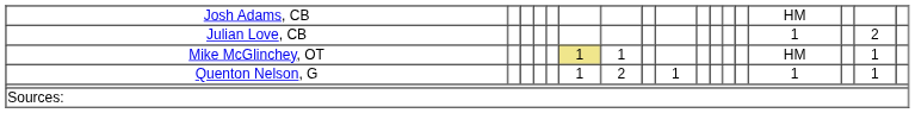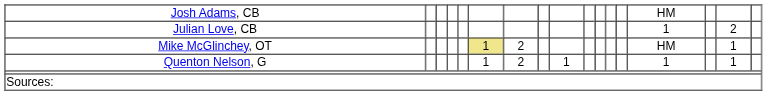 <table cellpadding="1" border="1" cellspacing="0" width="80%">
 <tr align="center">
 <td><a href='#'>Josh Adams</a>, CB</td>
 <td></td>
 <td></td>
 <td></td>
 <td></td>
 <td></td>
 <td></td>
 <td></td>
 <td></td>
 <td></td>
 <td></td>
 <td></td>
 <td></td>
 <td>HM</td>
 <td></td>
 <td></td>
 <td></td>
 </tr>
 <tr align="center">
 <td><a href='#'>Julian Love</a>, CB</td>
 <td></td>
 <td></td>
 <td></td>
 <td></td>
 <td></td>
 <td></td>
 <td></td>
 <td></td>
 <td></td>
 <td></td>
 <td></td>
 <td></td>
 <td>1</td>
 <td></td>
 <td>2</td>
 <td></td>
 </tr>
 <tr align="center">
 <td><a href='#'>Mike McGlinchey</a>, OT</td>
 <td></td>
 <td></td>
 <td></td>
 <td></td>
 <td style="background: khaki;">1</td>
-<td>1</td>
+<td>2</td>
 <td></td>
 <td></td>
 <td></td>
 <td></td>
 <td></td>
 <td></td>
 <td>HM</td>
 <td></td>
 <td>1</td>
 <td></td>
 </tr>
 <tr align="center">
 <td><a href='#'>Quenton Nelson</a>, G</td>
 <td></td>
 <td></td>
 <td></td>
 <td></td>
 <td>1</td>
 <td>2</td>
 <td></td>
 <td>1</td>
 <td></td>
 <td></td>
 <td></td>
 <td></td>
 <td>1</td>
 <td></td>
 <td>1</td>
 <td></td>
 </tr>
 <tr align="center">
 <td colspan=17></td>
 </tr>
 <tr>
 <td colspan="17">Sources:</td>
 </tr>
 </table>
